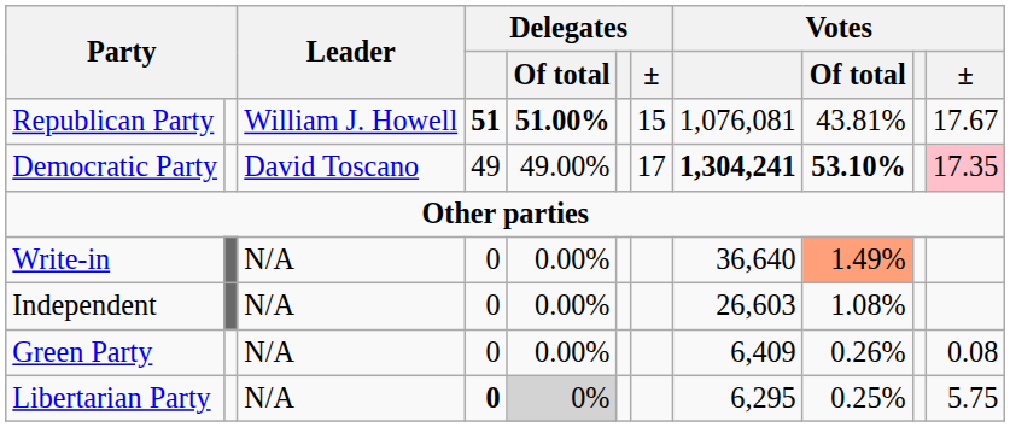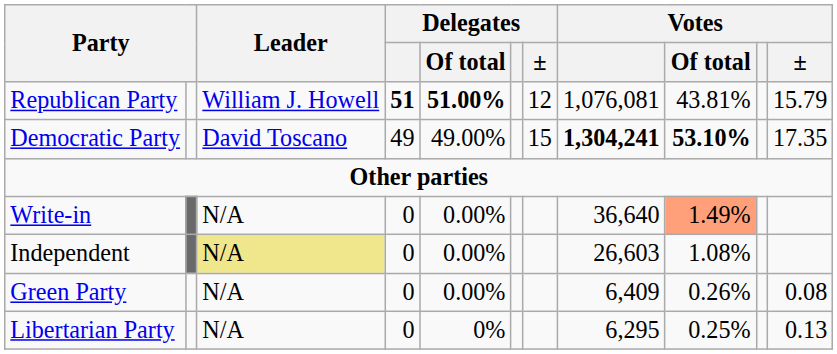 <table class="wikitable sortable" style="text-align:centre;">
 <tr>
 <th colspan=2 rowspan=2>Party</th>
 <th rowspan=2>Leader</th>
 <th colspan=4>Delegates</th>
 <th colspan=4>Votes</th>
 </tr>
 <tr>
 <th></th>
 <th>Of total</th>
 <th class="unsortable"></th>
 <th>±</th>
 <th></th>
 <th>Of total</th>
 <th class="unsortable"></th>
 <th>±</th>
 </tr>
 <tr>
 <td style="text-align:left;"><a href='#'>Republican Party</a></td>
 <td style="background:"></td>
 <td data-sort-value="Howell, William J."><a href='#'>William J. Howell</a></td>
 <td style="text-align:right;"><strong>51</strong></td>
 <td style="text-align:right;"><strong>51.00%</strong></td>
 <td data-sort-value=""></td>
-<td style="text-align:right;">15</td>
+<td style="text-align:right;">12</td>
 <td style="text-align:right;">1,076,081</td>
 <td style="text-align:right;">43.81%</td>
 <td></td>
-<td style="text-align:right;">17.67</td>
+<td style="text-align:right;">15.79</td>
 </tr>
 <tr>
 <td style="text-align:left;"><a href='#'>Democratic Party</a></td>
 <td style="background:"></td>
 <td data-sort-value="Toscano, David"><a href='#'>David Toscano</a></td>
 <td style="text-align:right;">49</td>
 <td style="text-align:right;">49.00%</td>
 <td data-sort-value=""></td>
-<td style="text-align:right;">17</td>
+<td style="text-align:right;">15</td>
 <td style="text-align:right;"><strong>1,304,241</strong></td>
 <td style="text-align:right;"><strong>53.10%</strong></td>
 <td></td>
-<td style="background: pink; text-align:right;">17.35</td>
+<td style="text-align:right;">17.35</td>
 </tr>
 <tr>
 <td colspan=12 style="text-align:center;"><strong>Other parties</strong></td>
 </tr>
 <tr>
 <td style="text-align:left;"><a href='#'>Write-in</a></td>
 <td style="background:dimGrey;"></td>
 <td>N/A</td>
 <td style="text-align:right;">0</td>
 <td style="text-align:right;">0.00%</td>
 <td data-sort-value=""></td>
 <td style="text-align:right;"></td>
 <td style="text-align:right;">36,640</td>
 <td style="background: lightsalmon; text-align:right;">1.49%</td>
 <td></td>
 <td style="text-align:right;"></td>
 </tr>
 <tr>
 <td style="text-align:left;">Independent</td>
 <td style="background:dimGrey;"></td>
-<td>N/A</td>
+<td style="background: khaki;">N/A</td>
 <td style="text-align:right;">0</td>
 <td style="text-align:right;">0.00%</td>
 <td data-sort-value=""></td>
 <td style="text-align:right;"></td>
 <td style="text-align:right;">26,603</td>
 <td style="text-align:right;">1.08%</td>
 <td></td>
 <td style="text-align:right;"></td>
 </tr>
 <tr>
 <td style="text-align:left;"><a href='#'>Green Party</a></td>
 <td style="background:"></td>
 <td>N/A</td>
 <td style="text-align:right;">0</td>
 <td style="text-align:right;">0.00%</td>
 <td data-sort-value=""></td>
 <td style="text-align:right;"></td>
 <td style="text-align:right;">6,409</td>
 <td style="text-align:right;">0.26%</td>
 <td></td>
 <td style="text-align:right;">0.08</td>
 </tr>
 <tr>
 <td style="text-align:left;"><a href='#'>Libertarian Party</a></td>
 <td style="background:"></td>
 <td>N/A</td>
-<td style="text-align:right;"><strong>0</strong></td>
-<td style="background: lightgrey; text-align:right;">0%</td>
+<td style="text-align:right;">0</td>
+<td style="text-align:right;">0%</td>
 <td data-sort-value=""></td>
 <td style="text-align:right;"></td>
 <td style="text-align:right;">6,295</td>
 <td style="text-align:right;">0.25%</td>
 <td></td>
-<td style="text-align:right;">5.75</td>
+<td style="text-align:right;">0.13</td>
 </tr>
 </table>
